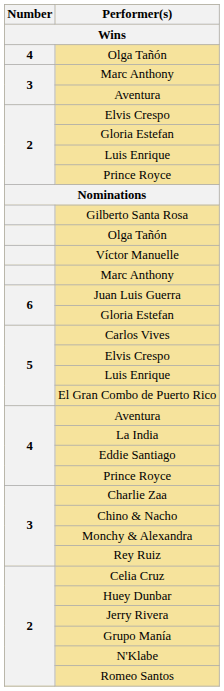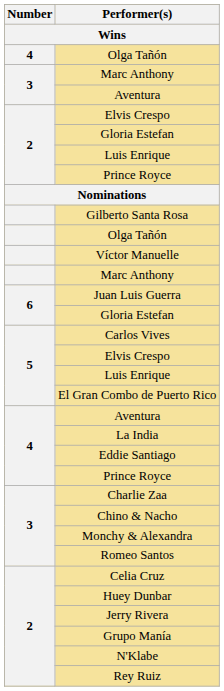 <table class="wikitable" rowspan=2 border="2" cellpadding="4" style="text-align: center; background: #f6e39c">
 <tr>
 <th scope="col" style="width:55px;">Number</th>
 <th scope="col" style="text-align:center;">Performer(s)</th>
 </tr>
 <tr>
 <th colspan="2">Wins</th>
 </tr>
 <tr>
 <th scope="row" rowspan=1 style="text-align:center">4</th>
 <td>Olga Tañón</td>
 </tr>
 <tr>
 <th scope="row" rowspan=2 style="text-align:center">3</th>
 <td>Marc Anthony</td>
 </tr>
 <tr>
 <td>Aventura</td>
 </tr>
 <tr>
 <th scope="row" rowspan=4 style="text-align:center">2</th>
 <td>Elvis Crespo</td>
 </tr>
 <tr>
 <td>Gloria Estefan</td>
 </tr>
 <tr>
 <td>Luis Enrique</td>
 </tr>
 <tr>
 <td>Prince Royce</td>
 </tr>
 <tr>
 <th colspan="2">Nominations</th>
 </tr>
 <tr>
 <th scope="row"></th>
 <td>Gilberto Santa Rosa</td>
 </tr>
 <tr>
 <th scope="row"></th>
 <td>Olga Tañón</td>
 </tr>
 <tr>
 <th scope="row"></th>
 <td>Víctor Manuelle</td>
 </tr>
 <tr>
 <th scope="row"></th>
 <td>Marc Anthony</td>
 </tr>
 <tr>
 <th scope="row" rowspan=2 style="text-align:center">6</th>
 <td>Juan Luis Guerra</td>
 </tr>
 <tr>
 <td>Gloria Estefan</td>
 </tr>
 <tr>
 <th scope="row" rowspan=4 style="text-align:center">5</th>
 <td>Carlos Vives</td>
 </tr>
 <tr>
 <td>Elvis Crespo</td>
 </tr>
 <tr>
 <td>Luis Enrique</td>
 </tr>
 <tr>
 <td>El Gran Combo de Puerto Rico</td>
 </tr>
 <tr>
 <th scope="row" rowspan=4 style="text-align:center">4</th>
 <td>Aventura</td>
 </tr>
 <tr>
 <td>La India</td>
 </tr>
 <tr>
 <td>Eddie Santiago</td>
 </tr>
 <tr>
 <td>Prince Royce</td>
 </tr>
 <tr>
 <th scope="row" rowspan=4 style="text-align:center">3</th>
 <td>Charlie Zaa</td>
 </tr>
 <tr>
 <td>Chino & Nacho</td>
 </tr>
 <tr>
 <td>Monchy & Alexandra</td>
 </tr>
 <tr>
-<td>Rey Ruiz</td>
+<td>Romeo Santos</td>
 </tr>
 <tr>
 <th scope="row" rowspan=8 style="text-align:center">2</th>
 <td>Celia Cruz</td>
 </tr>
 <tr>
 <td>Huey Dunbar</td>
 </tr>
 <tr>
 <td>Jerry Rivera</td>
 </tr>
 <tr>
 <td>Grupo Manía</td>
 </tr>
 <tr>
 <td>N'Klabe</td>
 </tr>
 <tr>
-<td>Romeo Santos</td>
+<td>Rey Ruiz</td>
 </tr>
 </table>
